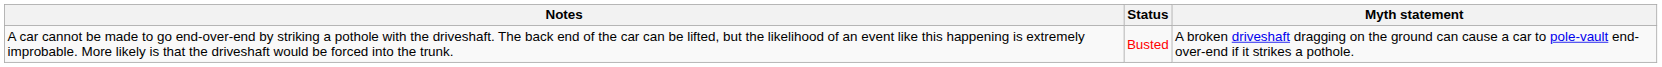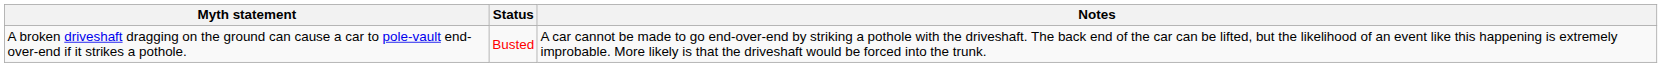 <table class="wikitable plainrowheaders">
 <tr>
+<th>Myth statement</th>
+<th>Status</th>
 <th>Notes</th>
-<th>Status</th>
-<th>Myth statement</th>
 </tr>
 <tr>
+<td>A broken <a href='#'>driveshaft</a> dragging on the ground can cause a car to <a href='#'>pole-vault</a> end-over-end if it strikes a pothole.</td>
+<td style="color:red">Busted</td>
 <td>A car cannot be made to go end-over-end by striking a pothole with the driveshaft. The back end of the car can be lifted, but the likelihood of an event like this happening is extremely improbable. More likely is that the driveshaft would be forced into the trunk.</td>
-<td style="color:red">Busted</td>
-<td>A broken <a href='#'>driveshaft</a> dragging on the ground can cause a car to <a href='#'>pole-vault</a> end-over-end if it strikes a pothole.</td>
 </tr>
 </table>
